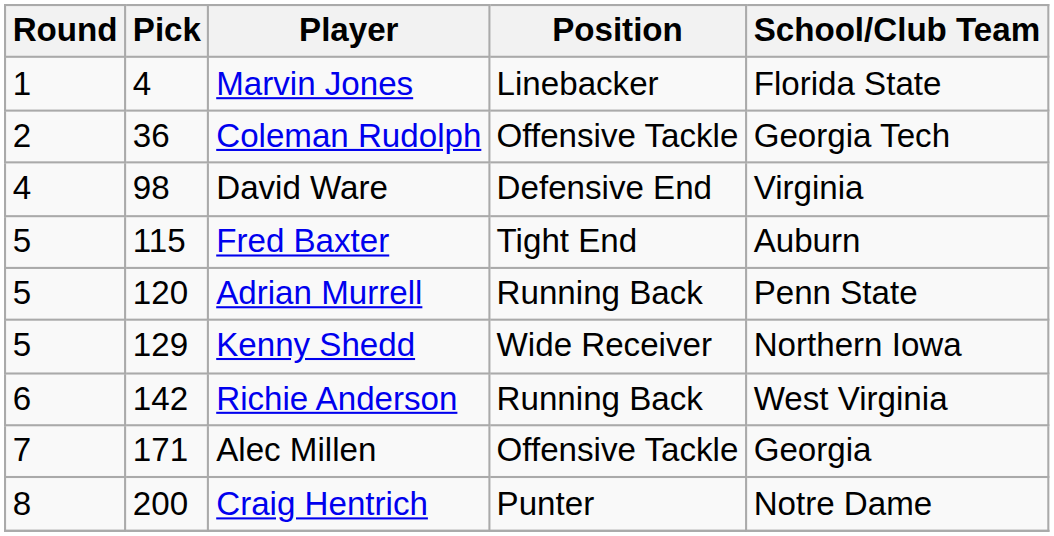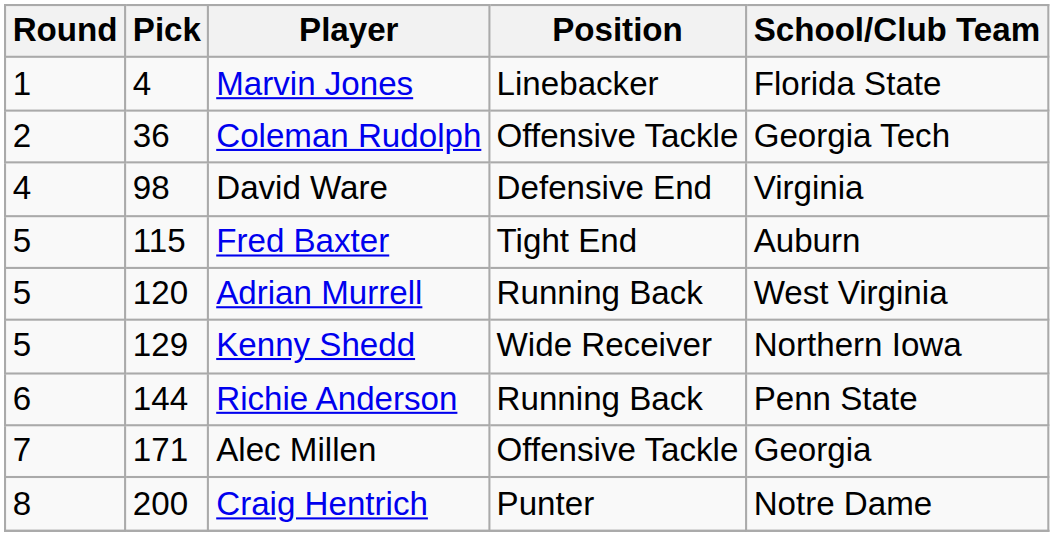 <table class="wikitable sortable sortable">
 <tr>
 <th>Round</th>
 <th>Pick</th>
 <th>Player</th>
 <th>Position</th>
 <th>School/Club Team</th>
 </tr>
 <tr>
 <td>1</td>
 <td>4</td>
 <td><a href='#'>Marvin Jones</a></td>
 <td>Linebacker</td>
 <td>Florida State</td>
 </tr>
 <tr>
 <td>2</td>
 <td>36</td>
 <td><a href='#'>Coleman Rudolph</a></td>
 <td>Offensive Tackle</td>
 <td>Georgia Tech</td>
 </tr>
 <tr>
 <td>4</td>
 <td>98</td>
 <td>David Ware</td>
 <td>Defensive End</td>
 <td>Virginia</td>
 </tr>
 <tr>
 <td>5</td>
 <td>115</td>
 <td><a href='#'>Fred Baxter</a></td>
 <td>Tight End</td>
 <td>Auburn</td>
 </tr>
 <tr>
 <td>5</td>
 <td>120</td>
 <td><a href='#'>Adrian Murrell</a></td>
 <td>Running Back</td>
-<td>Penn State</td>
+<td>West Virginia</td>
 </tr>
 <tr>
 <td>5</td>
 <td>129</td>
 <td><a href='#'>Kenny Shedd</a></td>
 <td>Wide Receiver</td>
 <td>Northern Iowa</td>
 </tr>
 <tr>
 <td>6</td>
-<td>142</td>
+<td>144</td>
 <td><a href='#'>Richie Anderson</a></td>
 <td>Running Back</td>
-<td>West Virginia</td>
+<td>Penn State</td>
 </tr>
 <tr>
 <td>7</td>
 <td>171</td>
 <td>Alec Millen</td>
 <td>Offensive Tackle</td>
 <td>Georgia</td>
 </tr>
 <tr>
 <td>8</td>
 <td>200</td>
 <td><a href='#'>Craig Hentrich</a></td>
 <td>Punter</td>
 <td>Notre Dame</td>
 </tr>
 <tr>
 </tr>
 </table>
